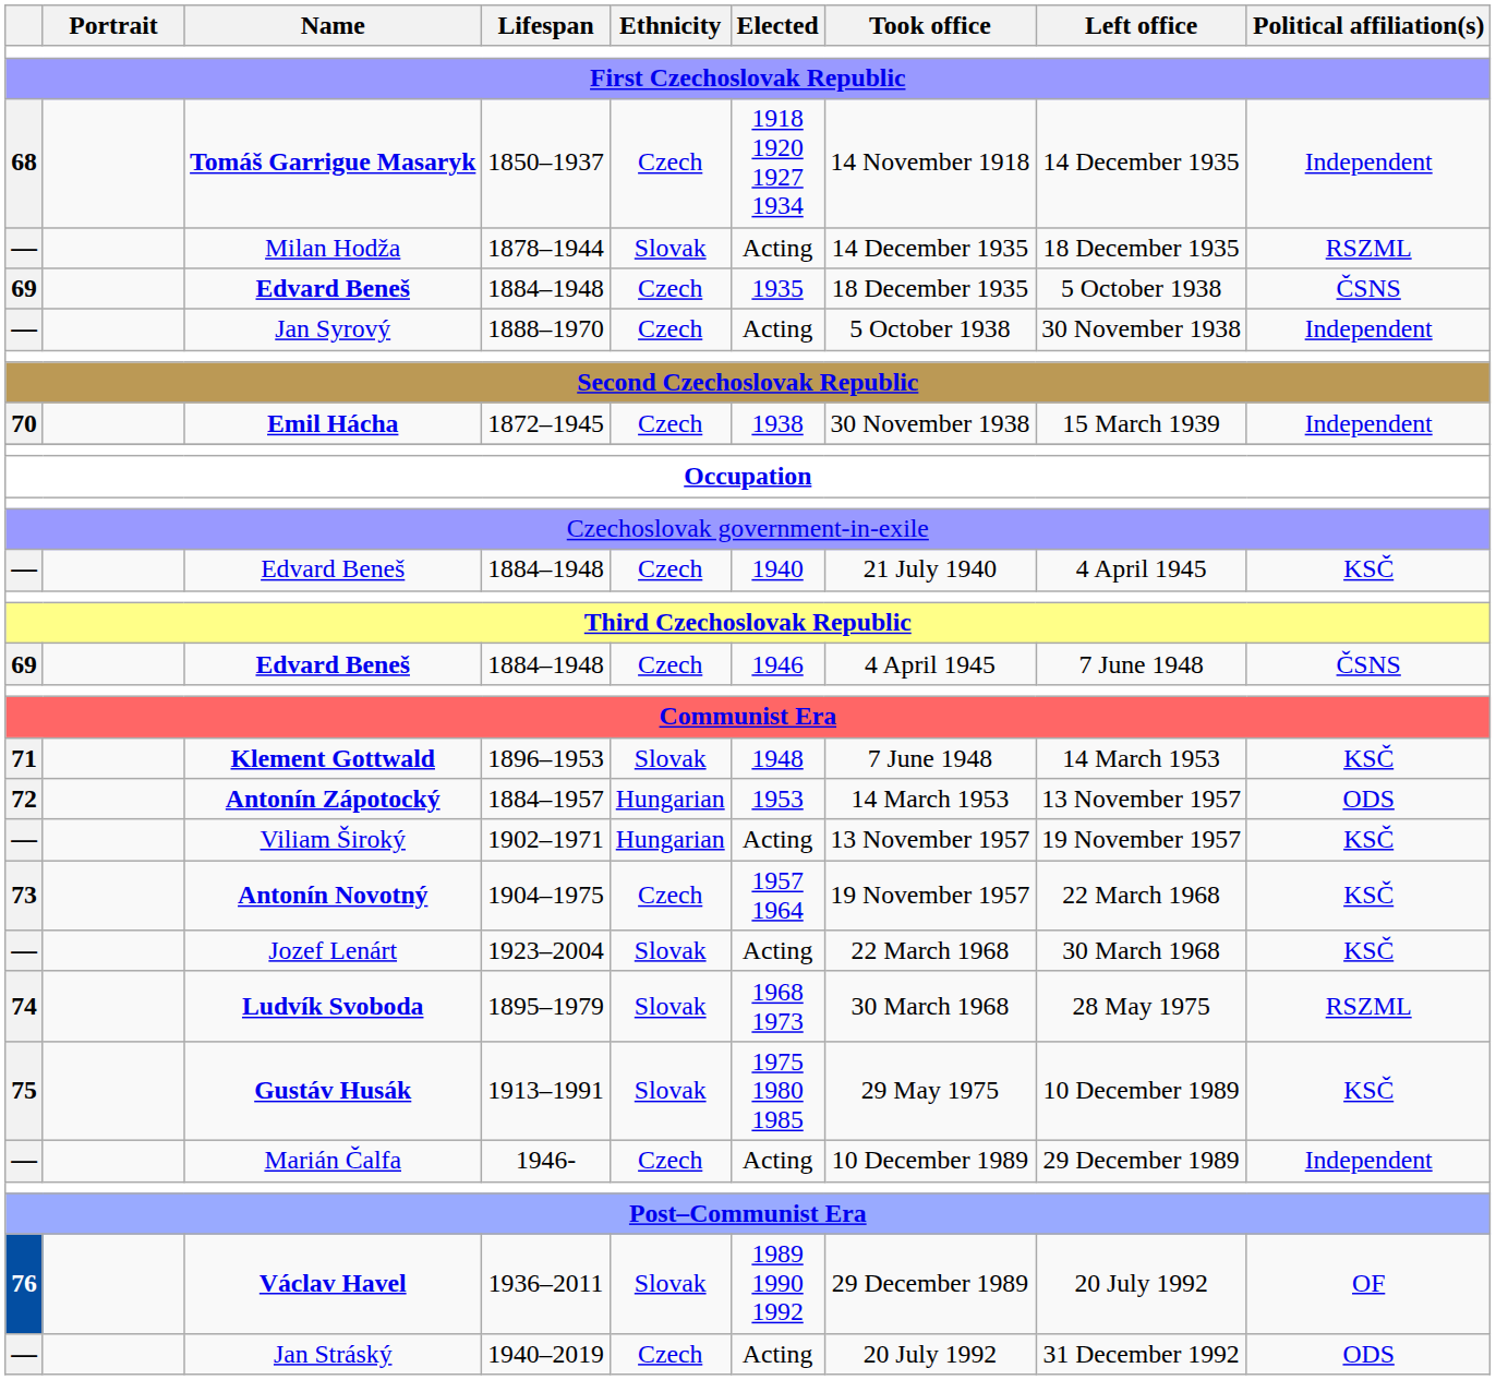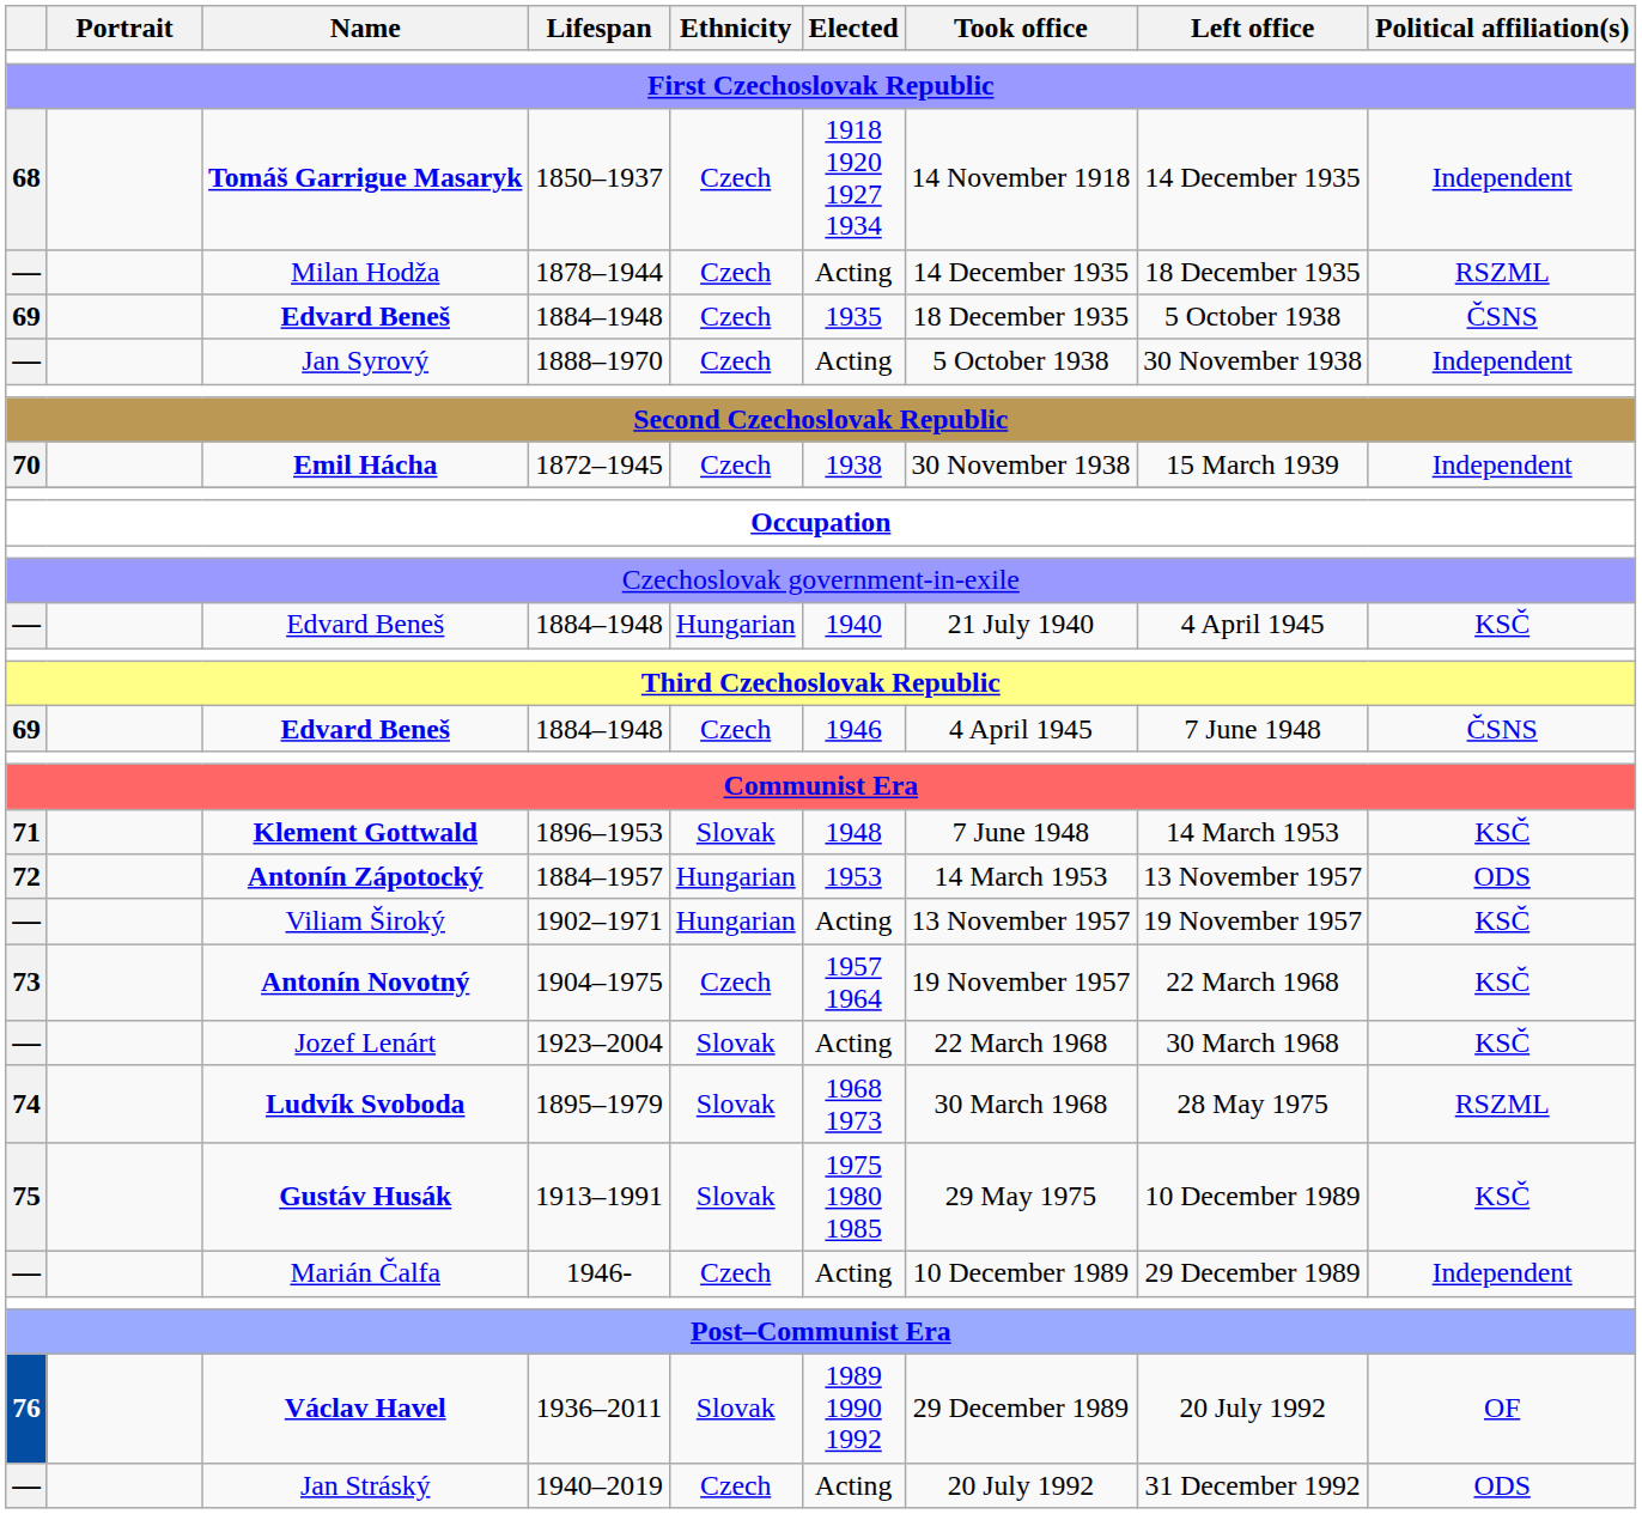 <table class="wikitable" style="text-align:center">
 <tr>
 <th></th>
 <th width="80px">Portrait</th>
 <th>Name</th>
 <th>Lifespan</th>
 <th>Ethnicity</th>
 <th>Elected</th>
 <th>Took office</th>
 <th>Left office</th>
 <th>Political affiliation(s)</th>
 </tr>
 <tr>
 <td colspan="9" align="center" style="background:#FFFFFF;"></td>
 </tr>
 <tr>
 <td colspan="9" align="center" style="background:#9999FF;"><div> <strong><a href='#'>First Czechoslovak Republic</a></strong></div></td>
 </tr>
 <tr>
 <th style="background-color:">68</th>
 <td></td>
 <td><strong><a href='#'>Tomáš Garrigue Masaryk</a></strong></td>
 <td>1850–1937</td>
 <td><a href='#'>Czech</a></td>
 <td><a href='#'>1918</a><br><a href='#'>1920</a><br><a href='#'>1927</a><br><a href='#'>1934</a></td>
 <td>14 November 1918</td>
 <td>14 December 1935</td>
 <td><a href='#'>Independent</a></td>
 </tr>
 <tr>
 <th style="background-color:">—</th>
 <td></td>
 <td><a href='#'>Milan Hodža</a></td>
 <td>1878–1944</td>
-<td><a href='#'>Slovak</a></td>
+<td><a href='#'>Czech</a></td>
 <td>Acting</td>
 <td>14 December 1935</td>
 <td>18 December 1935</td>
 <td><a href='#'>RSZML</a></td>
 </tr>
 <tr>
 <th style="background-color:">69</th>
 <td></td>
 <td><strong><a href='#'>Edvard Beneš</a></strong></td>
 <td>1884–1948</td>
 <td><a href='#'>Czech</a></td>
 <td><a href='#'>1935</a></td>
 <td>18 December 1935</td>
 <td>5 October 1938</td>
 <td><a href='#'>ČSNS</a></td>
 </tr>
 <tr>
 <th style="background-color:">—</th>
 <td></td>
 <td><a href='#'>Jan Syrový</a></td>
 <td>1888–1970</td>
 <td><a href='#'>Czech</a></td>
 <td>Acting</td>
 <td>5 October 1938</td>
 <td>30 November 1938</td>
 <td><a href='#'>Independent</a></td>
 </tr>
 <tr>
 <td colspan="9" align="center" style="background:#FFFFFF;"></td>
 </tr>
 <tr>
 <td colspan="9" align="center" style="background:#BB9955;"><div> <strong><a href='#'>Second Czechoslovak Republic</a></strong></div></td>
 </tr>
 <tr>
 <th style="background-color:">70</th>
 <td></td>
 <td><strong><a href='#'>Emil Hácha</a></strong></td>
 <td>1872–1945</td>
 <td><a href='#'>Czech</a></td>
 <td><a href='#'>1938</a></td>
 <td>30 November 1938</td>
 <td>15 March 1939</td>
 <td><a href='#'>Independent</a></td>
 </tr>
 <tr style="background:#FFEEEE;">
 </tr>
 <tr>
 <td colspan="9" align="center" style="background:#FFFFFF;"></td>
 </tr>
 <tr>
 <td colspan="9" align="center" style="background:#FFFFFF;"><div><strong><a href='#'>Occupation</a></strong></div></td>
 </tr>
 <tr>
 <td colspan="9" align="center" style="background:#FFFFFF;"></td>
 </tr>
 <tr>
 <td colspan="9" align="center" style="background:#9999FF;"><div> <a href='#'>Czechoslovak government-in-exile</a></div></td>
 </tr>
 <tr>
 <th style="background-color:">—</th>
 <td></td>
 <td><a href='#'>Edvard Beneš</a></td>
 <td>1884–1948</td>
-<td><a href='#'>Czech</a></td>
+<td><a href='#'>Hungarian</a></td>
 <td><a href='#'>1940</a></td>
 <td>21 July 1940</td>
 <td>4 April 1945</td>
 <td><a href='#'>KSČ</a></td>
 </tr>
 <tr>
 <td colspan="9" align="center" style="background:#FFFFFF;"></td>
 </tr>
 <tr>
 <td colspan="9" align="center" style="background:#FFFF88;"><div> <strong><a href='#'>Third Czechoslovak Republic</a></strong></div></td>
 </tr>
 <tr>
 <th style="background-color:">69</th>
 <td></td>
 <td><strong><a href='#'>Edvard Beneš</a></strong></td>
 <td>1884–1948</td>
 <td><a href='#'>Czech</a></td>
 <td><a href='#'>1946</a></td>
 <td>4 April 1945</td>
 <td>7 June 1948</td>
 <td><a href='#'>ČSNS</a></td>
 </tr>
 <tr>
 <td colspan="9" align="center" style="background:#FFFFFF;"></td>
 </tr>
 <tr>
 <td colspan="9" align="center" style="background:#FF6666;"><div> <strong><a href='#'>Communist Era</a></strong></div></td>
 </tr>
 <tr>
 <th style="background-color:">71</th>
 <td></td>
 <td><strong><a href='#'>Klement Gottwald</a></strong></td>
 <td>1896–1953</td>
 <td><a href='#'>Slovak</a></td>
 <td><a href='#'>1948</a></td>
 <td>7 June 1948</td>
 <td>14 March 1953</td>
 <td><a href='#'>KSČ</a></td>
 </tr>
 <tr>
 <th style="background-color:">72</th>
 <td></td>
 <td><strong><a href='#'>Antonín Zápotocký</a></strong></td>
 <td>1884–1957</td>
 <td><a href='#'>Hungarian</a></td>
 <td><a href='#'>1953</a></td>
 <td>14 March 1953</td>
 <td>13 November 1957</td>
 <td><a href='#'>ODS</a></td>
 </tr>
 <tr>
 <th style="background-color:">—</th>
 <td></td>
 <td><a href='#'>Viliam Široký</a></td>
 <td>1902–1971</td>
 <td><a href='#'>Hungarian</a></td>
 <td>Acting</td>
 <td>13 November 1957</td>
 <td>19 November 1957</td>
 <td><a href='#'>KSČ</a></td>
 </tr>
 <tr>
 <th style="background-color:">73</th>
 <td></td>
 <td><strong><a href='#'>Antonín Novotný</a></strong></td>
 <td>1904–1975</td>
 <td><a href='#'>Czech</a></td>
 <td><a href='#'>1957</a><br><a href='#'>1964</a></td>
 <td>19 November 1957</td>
 <td>22 March 1968</td>
 <td><a href='#'>KSČ</a></td>
 </tr>
 <tr>
 <th style="background-color:">—</th>
 <td></td>
 <td><a href='#'>Jozef Lenárt</a></td>
 <td>1923–2004</td>
 <td><a href='#'>Slovak</a></td>
 <td>Acting</td>
 <td>22 March 1968</td>
 <td>30 March 1968</td>
 <td><a href='#'>KSČ</a></td>
 </tr>
 <tr>
 <th style="background-color:">74</th>
 <td></td>
 <td><strong><a href='#'>Ludvík Svoboda</a></strong></td>
 <td>1895–1979</td>
 <td><a href='#'>Slovak</a></td>
 <td><a href='#'>1968</a><br><a href='#'>1973</a></td>
 <td>30 March 1968</td>
 <td>28 May 1975</td>
 <td><a href='#'>RSZML</a></td>
 </tr>
 <tr>
 <th style="background-color:">75</th>
 <td></td>
 <td><strong><a href='#'>Gustáv Husák</a></strong></td>
 <td>1913–1991</td>
 <td><a href='#'>Slovak</a></td>
 <td><a href='#'>1975</a><br><a href='#'>1980</a><br><a href='#'>1985</a></td>
 <td>29 May 1975</td>
 <td>10 December 1989</td>
 <td><a href='#'>KSČ</a></td>
 </tr>
 <tr>
 <th style="background-color:">—</th>
 <td></td>
 <td><a href='#'>Marián Čalfa</a></td>
 <td>1946-</td>
 <td><a href='#'>Czech</a></td>
 <td>Acting</td>
 <td>10 December 1989</td>
 <td>29 December 1989</td>
 <td><a href='#'>Independent</a></td>
 </tr>
 <tr>
 <td colspan="9" align="center" style="background:#FFFFFF;"></td>
 </tr>
 <tr>
 <td colspan="9" align="center" style="background:#99AAFF;"><div> <strong><a href='#'>Post–Communist Era</a></strong></div></td>
 </tr>
 <tr>
 <th style="background-color:#034EA2; color:white">76</th>
 <td></td>
 <td><strong><a href='#'>Václav Havel</a></strong></td>
 <td>1936–2011</td>
 <td><a href='#'>Slovak</a></td>
 <td><a href='#'>1989</a><br><a href='#'>1990</a><br><a href='#'>1992</a> <br> </td>
 <td>29 December 1989</td>
 <td>20 July 1992</td>
 <td><a href='#'>OF</a></td>
 </tr>
 <tr>
 <th style="background-color:">—</th>
 <td></td>
 <td><a href='#'>Jan Stráský</a></td>
 <td>1940–2019</td>
 <td><a href='#'>Czech</a></td>
 <td>Acting</td>
 <td>20 July 1992</td>
 <td>31 December 1992</td>
 <td><a href='#'>ODS</a></td>
 </tr>
 </table>
